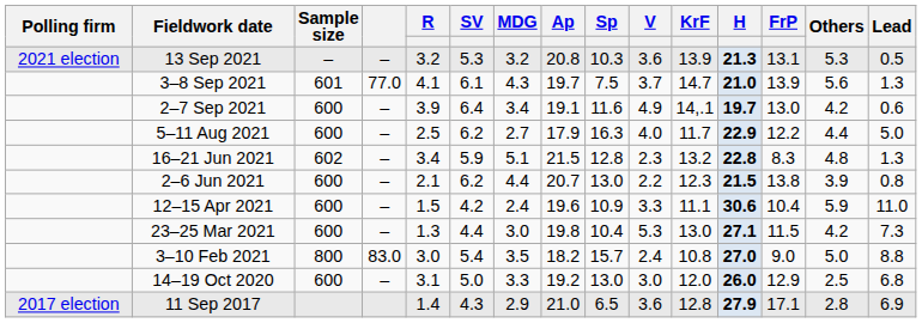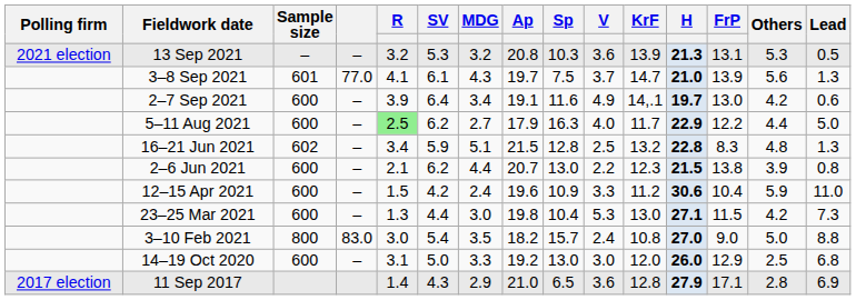 <table class="wikitable mw-collapsible sortable" style="text-align:center;font-size:90%;line-height:14px;">
 <tr>
 <th rowspan="2" style="width:100px;">Polling firm</th>
 <th rowspan="2" style="width:130px;">Fieldwork date</th>
 <th rowspan="2" style="width:35px;">Sample<br>size</th>
 <th rowspan="2" style="width:30px;"></th>
 <th class="unsortable" style="width:30px;"><a href='#'>R</a></th>
 <th class="unsortable" style="width:30px;"><a href='#'>SV</a></th>
 <th class="unsortable" style="width:30px;"><a href='#'>MDG</a></th>
 <th class="unsortable" style="width:30px;"><a href='#'>Ap</a></th>
 <th class="unsortable" style="width:30px;"><a href='#'>Sp</a></th>
 <th class="unsortable" style="width:30px;"><a href='#'>V</a></th>
 <th class="unsortable" style="width:30px;"><a href='#'>KrF</a></th>
 <th class="unsortable" style="width:30px;"><a href='#'>H</a></th>
 <th class="unsortable" style="width:30px;"><a href='#'>FrP</a></th>
 <th class="unsortable" style="width:20px;" rowspan="2">Others</th>
 <th rowspan="2" style="width:30px;">Lead</th>
 </tr>
 <tr>
 <th style="background:"></th>
 <th style="background:"></th>
 <th style="background:"></th>
 <th style="background:"></th>
 <th style="background:"></th>
 <th style="background:"></th>
 <th style="background:"></th>
 <th style="background:"></th>
 <th style="background:"></th>
 </tr>
 <tr style="background:#E9E9E9;">
 <td><a href='#'>2021 election</a></td>
 <td>13 Sep 2021</td>
 <td>–</td>
 <td>–</td>
 <td>3.2</td>
 <td>5.3</td>
 <td>3.2</td>
 <td>20.8</td>
 <td>10.3</td>
 <td>3.6</td>
 <td>13.9</td>
 <td style="background:#DCE7F3;"><strong>21.3</strong></td>
 <td>13.1</td>
 <td>5.3</td>
 <td style="background:">0.5</td>
 </tr>
 <tr>
 <td></td>
 <td>3–8 Sep 2021</td>
 <td>601</td>
 <td>77.0</td>
 <td>4.1</td>
 <td>6.1</td>
 <td>4.3</td>
 <td>19.7</td>
 <td>7.5</td>
 <td>3.7</td>
 <td>14.7</td>
 <td style="background:#DCE7F3;"><strong>21.0</strong></td>
 <td>13.9</td>
 <td>5.6</td>
 <td style="background:">1.3</td>
 </tr>
 <tr>
 <td></td>
 <td>2–7 Sep 2021</td>
 <td>600</td>
 <td>–</td>
 <td>3.9</td>
 <td>6.4</td>
 <td>3.4</td>
 <td>19.1</td>
 <td>11.6</td>
 <td>4.9</td>
 <td>14,.1</td>
 <td style="background:#DCE7F3;"><strong>19.7</strong></td>
 <td>13.0</td>
 <td>4.2</td>
 <td style="background:">0.6</td>
 </tr>
 <tr>
 <td></td>
 <td>5–11 Aug 2021</td>
 <td>600</td>
 <td>–</td>
-<td>2.5</td>
+<td style="background: lightgreen;">2.5</td>
 <td>6.2</td>
 <td>2.7</td>
 <td>17.9</td>
 <td>16.3</td>
 <td>4.0</td>
 <td>11.7</td>
 <td style="background:#DCE7F3;"><strong>22.9</strong></td>
 <td>12.2</td>
 <td>4.4</td>
 <td style="background:">5.0</td>
 </tr>
 <tr>
 <td></td>
 <td>16–21 Jun 2021</td>
 <td>602</td>
 <td>–</td>
 <td>3.4</td>
 <td>5.9</td>
 <td>5.1</td>
 <td>21.5</td>
 <td>12.8</td>
-<td>2.3</td>
+<td>2.5</td>
 <td>13.2</td>
 <td style="background:#DCE7F3;"><strong>22.8</strong></td>
 <td>8.3</td>
 <td>4.8</td>
 <td style="background:">1.3</td>
 </tr>
 <tr>
 <td></td>
 <td>2–6 Jun 2021</td>
 <td>600</td>
 <td>–</td>
 <td>2.1</td>
 <td>6.2</td>
 <td>4.4</td>
 <td>20.7</td>
 <td>13.0</td>
 <td>2.2</td>
 <td>12.3</td>
 <td style="background:#DCE7F3;"><strong>21.5</strong></td>
 <td>13.8</td>
 <td>3.9</td>
 <td style="background:">0.8</td>
 </tr>
 <tr>
 <td></td>
 <td>12–15 Apr 2021</td>
 <td>600</td>
 <td>–</td>
 <td>1.5</td>
 <td>4.2</td>
 <td>2.4</td>
 <td>19.6</td>
 <td>10.9</td>
 <td>3.3</td>
-<td>11.1</td>
+<td>11.2</td>
 <td style="background:#DCE7F3;"><strong>30.6</strong></td>
 <td>10.4</td>
 <td>5.9</td>
 <td style="background:">11.0</td>
 </tr>
 <tr>
 <td></td>
 <td>23–25 Mar 2021</td>
 <td>600</td>
 <td>–</td>
 <td>1.3</td>
 <td>4.4</td>
 <td>3.0</td>
 <td>19.8</td>
 <td>10.4</td>
 <td>5.3</td>
 <td>13.0</td>
 <td style="background:#DCE7F3;"><strong>27.1</strong></td>
 <td>11.5</td>
 <td>4.2</td>
 <td style="background:">7.3</td>
 </tr>
 <tr>
 <td></td>
 <td>3–10 Feb 2021</td>
 <td>800</td>
 <td>83.0</td>
 <td>3.0</td>
 <td>5.4</td>
 <td>3.5</td>
 <td>18.2</td>
 <td>15.7</td>
 <td>2.4</td>
 <td>10.8</td>
 <td style="background:#DCE7F3;"><strong>27.0</strong></td>
 <td>9.0</td>
 <td>5.0</td>
 <td style="background:">8.8</td>
 </tr>
 <tr>
 <td></td>
 <td>14–19 Oct 2020</td>
 <td>600</td>
 <td>–</td>
 <td>3.1</td>
 <td>5.0</td>
 <td>3.3</td>
 <td>19.2</td>
 <td>13.0</td>
 <td>3.0</td>
 <td>12.0</td>
 <td style="background:#DCE7F3;"><strong>26.0</strong></td>
 <td>12.9</td>
 <td>2.5</td>
 <td style="background:">6.8</td>
 </tr>
 <tr style="background:#E9E9E9;">
 <td><a href='#'>2017 election</a></td>
 <td>11 Sep 2017</td>
 <td></td>
 <td></td>
 <td>1.4</td>
 <td>4.3</td>
 <td>2.9</td>
 <td>21.0</td>
 <td>6.5</td>
 <td>3.6</td>
 <td>12.8</td>
 <td style="background:#DCE7F3;"><strong>27.9</strong></td>
 <td>17.1</td>
 <td>2.8</td>
 <td style="background:">6.9</td>
 </tr>
 </table>
